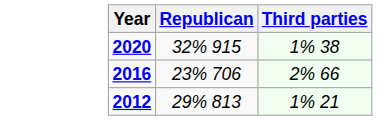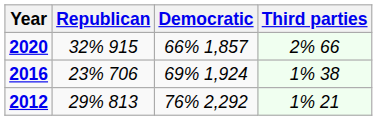 <table class="wikitable" style="float:right; margin: 1em 1em 1em 0; font-size: 95%;">
 <tr>
 <th>Year</th>
 <th><a href='#'>Republican</a></th>
+<th><a href='#'>Democratic</a></th>
 <th><a href='#'>Third parties</a></th>
 </tr>
 <tr>
 <td style="text-align:center; "><strong><a href='#'>2020</a></strong></td>
 <td style="text-align:center; "><em>32%</em> <em>915</em></td>
-<td style="text-align:center; background:honeyDew;"><em>1%</em> <em>38</em></td>
+<td style="text-align:center; "><em>66%</em> <em>1,857</em></td>
+<td style="text-align:center; background:honeyDew;"><em>2%</em> <em>66</em></td>
 </tr>
 <tr>
 <td style="text-align:center; "><strong><a href='#'>2016</a></strong></td>
 <td style="text-align:center; "><em>23%</em> <em>706</em></td>
-<td style="text-align:center; background:honeyDew;"><em>2%</em> <em>66</em></td>
+<td style="text-align:center; "><em>69%</em> <em>1,924</em></td>
+<td style="text-align:center; background:honeyDew;"><em>1%</em> <em>38</em></td>
 </tr>
 <tr>
 <td style="text-align:center; "><strong><a href='#'>2012</a></strong></td>
 <td style="text-align:center; "><em>29%</em> <em>813</em></td>
+<td style="text-align:center; "><em>76%</em> <em>2,292</em></td>
 <td style="text-align:center; background:honeyDew;"><em>1%</em> <em>21</em></td>
 </tr>
 </table>
